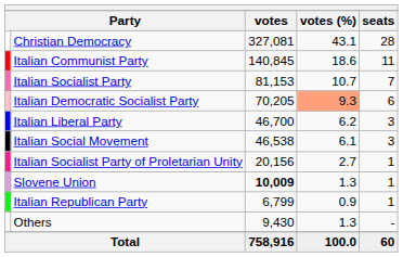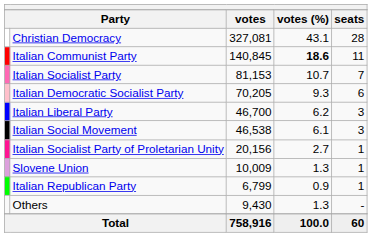 <table class="wikitable" style="font-size:95%">
 <tr>
 <th colspan=5></th>
 </tr>
 <tr>
 </tr>
 <tr bgcolor="EFEFEF">
 <th colspan=2>Party</th>
 <th>votes</th>
 <th>votes (%)</th>
 <th>seats</th>
 </tr>
 <tr>
 <td bgcolor=White></td>
 <td><a href='#'>Christian Democracy</a></td>
 <td align=right>327,081</td>
 <td align=right>43.1</td>
 <td align=right>28</td>
 </tr>
 <tr>
 <td bgcolor=Red></td>
 <td><a href='#'>Italian Communist Party</a></td>
 <td align=right>140,845</td>
-<td align=right>18.6</td>
+<td align=right><strong>18.6</strong></td>
 <td align=right>11</td>
 </tr>
 <tr>
 <td bgcolor=Hotpink></td>
 <td><a href='#'>Italian Socialist Party</a></td>
 <td align=right>81,153</td>
 <td align=right>10.7</td>
 <td align=right>7</td>
 </tr>
 <tr>
 <td bgcolor=Pink></td>
 <td><a href='#'>Italian Democratic Socialist Party</a></td>
 <td align=right>70,205</td>
-<td align=right style="background: lightsalmon;">9.3</td>
+<td align=right>9.3</td>
 <td align=right>6</td>
 </tr>
 <tr>
 <td bgcolor=Blue></td>
 <td><a href='#'>Italian Liberal Party</a></td>
 <td align=right>46,700</td>
 <td align=right>6.2</td>
 <td align=right>3</td>
 </tr>
 <tr>
 <td bgcolor=Black></td>
 <td><a href='#'>Italian Social Movement</a></td>
 <td align=right>46,538</td>
 <td align=right>6.1</td>
 <td align=right>3</td>
 </tr>
 <tr>
 <td bgcolor=Deeppink></td>
 <td><a href='#'>Italian Socialist Party of Proletarian Unity</a></td>
 <td align=right>20,156</td>
 <td align=right>2.7</td>
 <td align=right>1</td>
 </tr>
 <tr>
 <td bgcolor=Plum></td>
 <td><a href='#'>Slovene Union</a></td>
-<td align=right><strong>10,009</strong></td>
+<td align=right>10,009</td>
 <td align=right>1.3</td>
 <td align=right>1</td>
 </tr>
 <tr>
 <td bgcolor=Lime></td>
 <td><a href='#'>Italian Republican Party</a></td>
 <td align=right>6,799</td>
 <td align=right>0.9</td>
 <td align=right>1</td>
 </tr>
 <tr>
 <td bgcolor=></td>
 <td>Others</td>
 <td align=right>9,430</td>
 <td align=right>1.3</td>
 <td align=right>-</td>
 </tr>
 <tr>
 </tr>
 <tr bgcolor="EFEFEF">
 <th colspan=2><strong>Total</strong></th>
 <td align=right><strong>758,916</strong></td>
 <td align=right><strong>100.0</strong></td>
 <td align=right><strong>60</strong></td>
 </tr>
 </table>
